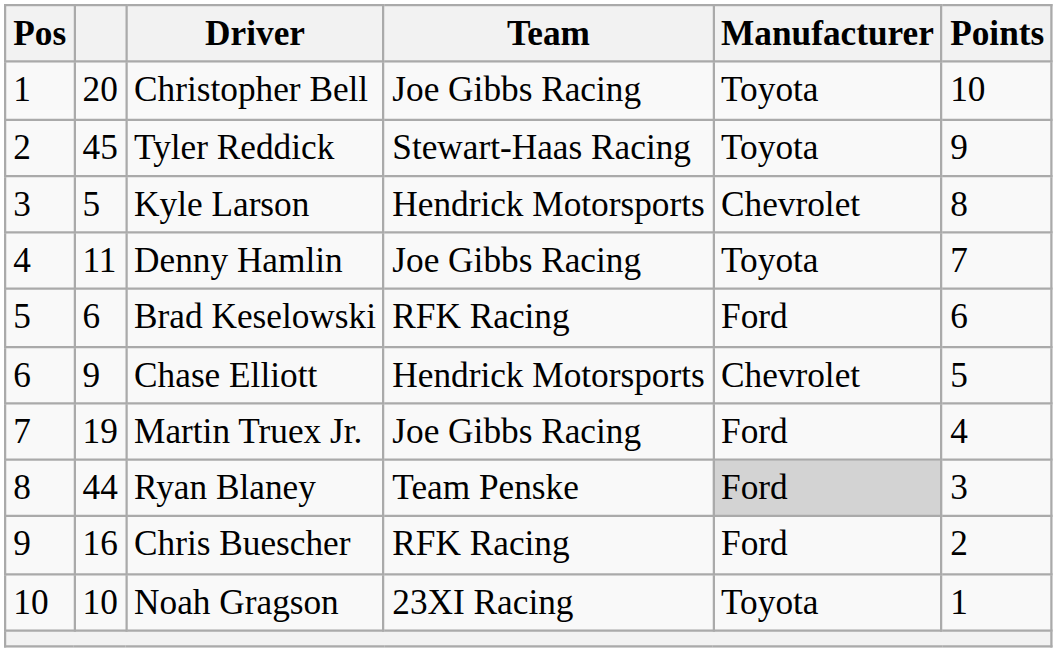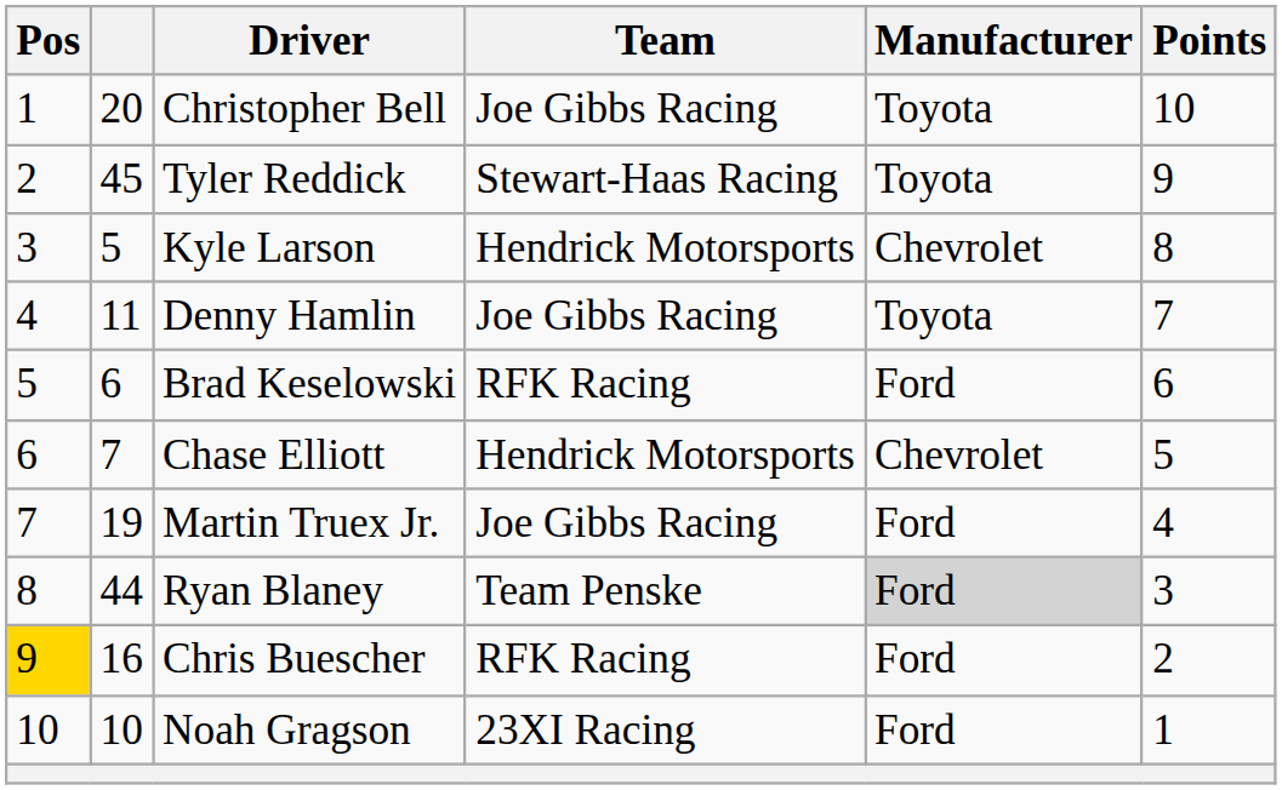 <table class="wikitable" style="font-size:98%">
 <tr>
 <th>Pos</th>
 <th></th>
 <th>Driver</th>
 <th>Team</th>
 <th>Manufacturer</th>
 <th>Points</th>
 </tr>
 <tr>
 <td>1</td>
 <td>20</td>
 <td>Christopher Bell</td>
 <td>Joe Gibbs Racing</td>
 <td>Toyota</td>
 <td>10</td>
 </tr>
 <tr>
 <td>2</td>
 <td>45</td>
 <td>Tyler Reddick</td>
 <td>Stewart-Haas Racing</td>
 <td>Toyota</td>
 <td>9</td>
 </tr>
 <tr>
 <td>3</td>
 <td>5</td>
 <td>Kyle Larson</td>
 <td>Hendrick Motorsports</td>
 <td>Chevrolet</td>
 <td>8</td>
 </tr>
 <tr>
 <td>4</td>
 <td>11</td>
 <td>Denny Hamlin</td>
 <td>Joe Gibbs Racing</td>
 <td>Toyota</td>
 <td>7</td>
 </tr>
 <tr>
 <td>5</td>
 <td>6</td>
 <td>Brad Keselowski</td>
 <td>RFK Racing</td>
 <td>Ford</td>
 <td>6</td>
 </tr>
 <tr>
 <td>6</td>
-<td>9</td>
+<td>7</td>
 <td>Chase Elliott</td>
 <td>Hendrick Motorsports</td>
 <td>Chevrolet</td>
 <td>5</td>
 </tr>
 <tr>
 <td>7</td>
 <td>19</td>
 <td>Martin Truex Jr.</td>
 <td>Joe Gibbs Racing</td>
 <td>Ford</td>
 <td>4</td>
 </tr>
 <tr>
 <td>8</td>
 <td>44</td>
 <td>Ryan Blaney</td>
 <td>Team Penske</td>
 <td style="background: lightgrey;">Ford</td>
 <td>3</td>
 </tr>
 <tr>
-<td>9</td>
+<td style="background: gold;">9</td>
 <td>16</td>
 <td>Chris Buescher</td>
 <td>RFK Racing</td>
 <td>Ford</td>
 <td>2</td>
 </tr>
 <tr>
 <td>10</td>
 <td>10</td>
 <td>Noah Gragson</td>
 <td>23XI Racing</td>
-<td>Toyota</td>
+<td>Ford</td>
 <td>1</td>
 </tr>
 <tr>
 <th colspan="6"></th>
 </tr>
 </table>
